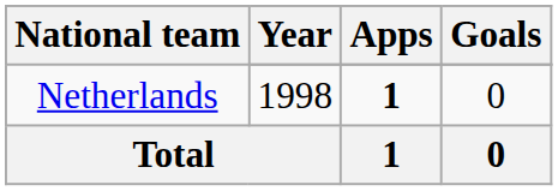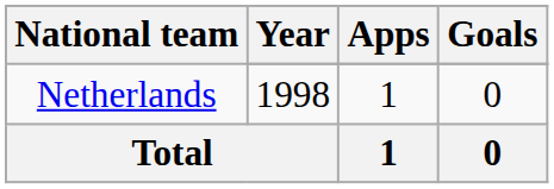 <table class=wikitable style="text-align: center">
 <tr>
 <th>National team</th>
 <th>Year</th>
 <th>Apps</th>
 <th>Goals</th>
 </tr>
 <tr>
 <td rowspan="2"><a href='#'>Netherlands</a></td>
 </tr>
 <tr>
 <td>1998</td>
-<td><strong>1</strong></td>
+<td>1</td>
 <td>0</td>
 </tr>
 <tr>
 <th colspan="2">Total</th>
 <th>1</th>
 <th>0</th>
 </tr>
 </table>
